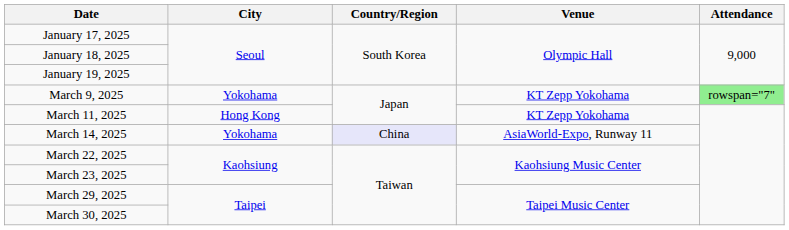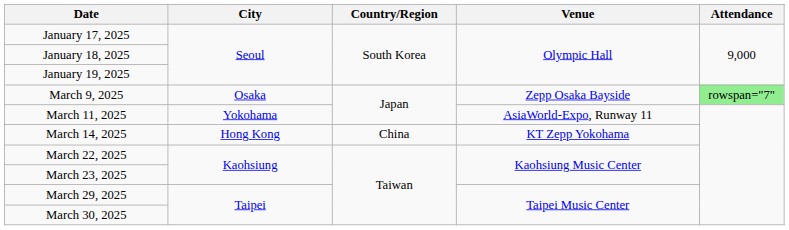 <table class="wikitable" style="text-align:center">
 <tr>
 <th style="width:200px">Date</th>
 <th style="width:200px">City</th>
 <th style="width:150px">Country/Region</th>
 <th style="width:300px">Venue</th>
 <th style="width:100px">Attendance</th>
 </tr>
 <tr>
 <td>January 17, 2025</td>
 <td rowspan="3"><a href='#'>Seoul</a></td>
 <td rowspan="3">South Korea</td>
 <td rowspan="3"><a href='#'>Olympic Hall</a></td>
 <td rowspan="3">9,000</td>
 </tr>
 <tr>
 <td>January 18, 2025</td>
 </tr>
 <tr>
 <td>January 19, 2025</td>
 </tr>
 <tr>
 <td>March 9, 2025</td>
-<td><a href='#'>Yokohama</a></td>
+<td><a href='#'>Osaka</a></td>
 <td rowspan="2">Japan</td>
-<td><a href='#'>KT Zepp Yokohama</a></td>
+<td><a href='#'>Zepp Osaka Bayside</a></td>
 <td style="background: lightgreen;">rowspan="7" </td>
 </tr>
 <tr>
 <td>March 11, 2025</td>
-<td><a href='#'>Hong Kong</a></td>
-<td><a href='#'>KT Zepp Yokohama</a></td>
+<td><a href='#'>Yokohama</a></td>
+<td><a href='#'>AsiaWorld-Expo</a>, Runway 11</td>
 </tr>
 <tr>
 <td>March 14, 2025</td>
-<td><a href='#'>Yokohama</a></td>
-<td style="background: lavender;">China</td>
-<td><a href='#'>AsiaWorld-Expo</a>, Runway 11</td>
+<td><a href='#'>Hong Kong</a></td>
+<td>China</td>
+<td><a href='#'>KT Zepp Yokohama</a></td>
 </tr>
 <tr>
 <td>March 22, 2025</td>
 <td rowspan="2"><a href='#'>Kaohsiung</a></td>
 <td rowspan="4">Taiwan</td>
 <td rowspan="2"><a href='#'>Kaohsiung Music Center</a></td>
 </tr>
 <tr>
 <td>March 23, 2025</td>
 </tr>
 <tr>
 <td>March 29, 2025</td>
 <td rowspan="2"><a href='#'>Taipei</a></td>
 <td rowspan="2"><a href='#'>Taipei Music Center</a></td>
 </tr>
 <tr>
 <td>March 30, 2025</td>
 </tr>
 </table>
